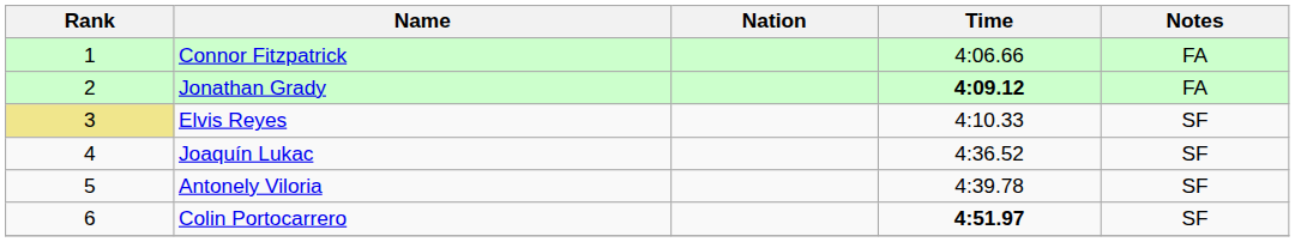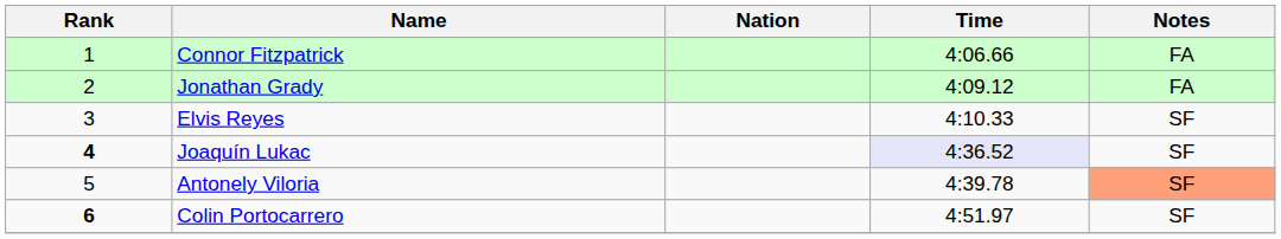 <table class="wikitable sortable" style="text-align:center" width=50%>
 <tr>
 <th>Rank</th>
 <th>Name</th>
 <th>Nation</th>
 <th>Time</th>
 <th>Notes</th>
 </tr>
 <tr bgcolor=ccffcc>
 <td>1</td>
 <td align=left><a href='#'>Connor Fitzpatrick</a></td>
 <td align=left></td>
 <td>4:06.66</td>
 <td>FA</td>
 </tr>
 <tr bgcolor=ccffcc>
 <td>2</td>
 <td align=left><a href='#'>Jonathan Grady</a></td>
 <td align=left></td>
-<td><strong>4:09.12</strong></td>
+<td>4:09.12</td>
 <td>FA</td>
 </tr>
 <tr>
-<td style="background: khaki;">3</td>
+<td>3</td>
 <td align=left><a href='#'>Elvis Reyes</a></td>
 <td align=left></td>
 <td>4:10.33</td>
 <td>SF</td>
 </tr>
 <tr>
-<td>4</td>
+<td><strong>4</strong></td>
 <td align=left><a href='#'>Joaquín Lukac</a></td>
 <td align=left></td>
-<td>4:36.52</td>
+<td style="background: lavender;">4:36.52</td>
 <td>SF</td>
 </tr>
 <tr>
 <td>5</td>
 <td align=left><a href='#'>Antonely Viloria</a></td>
 <td align=left></td>
 <td>4:39.78</td>
-<td>SF</td>
+<td style="background: lightsalmon;">SF</td>
 </tr>
 <tr>
-<td>6</td>
+<td><strong>6</strong></td>
 <td align=left><a href='#'>Colin Portocarrero</a></td>
 <td align=left></td>
-<td><strong>4:51.97</strong></td>
+<td>4:51.97</td>
 <td>SF</td>
 </tr>
 <tr>
 </tr>
 </table>
